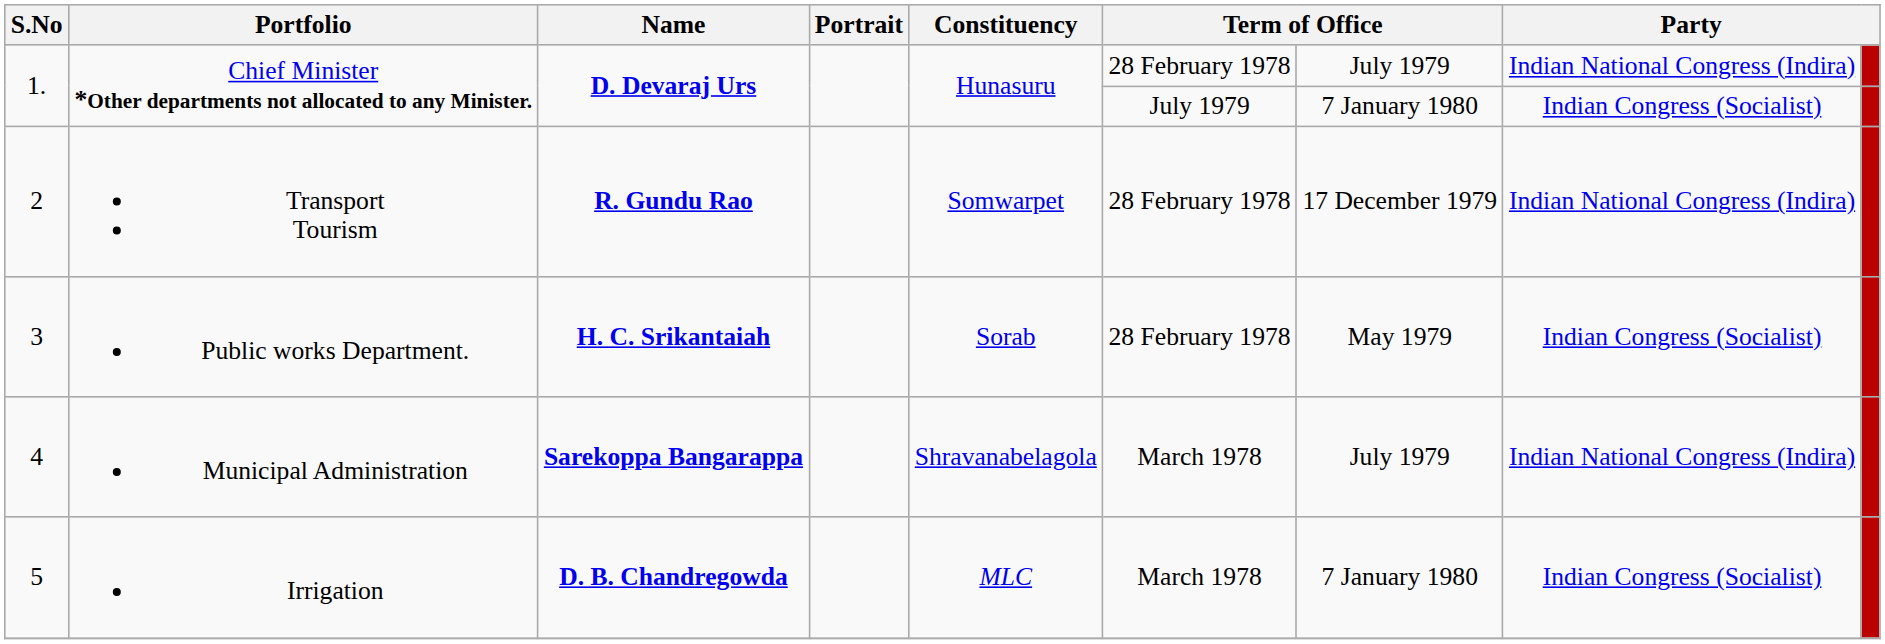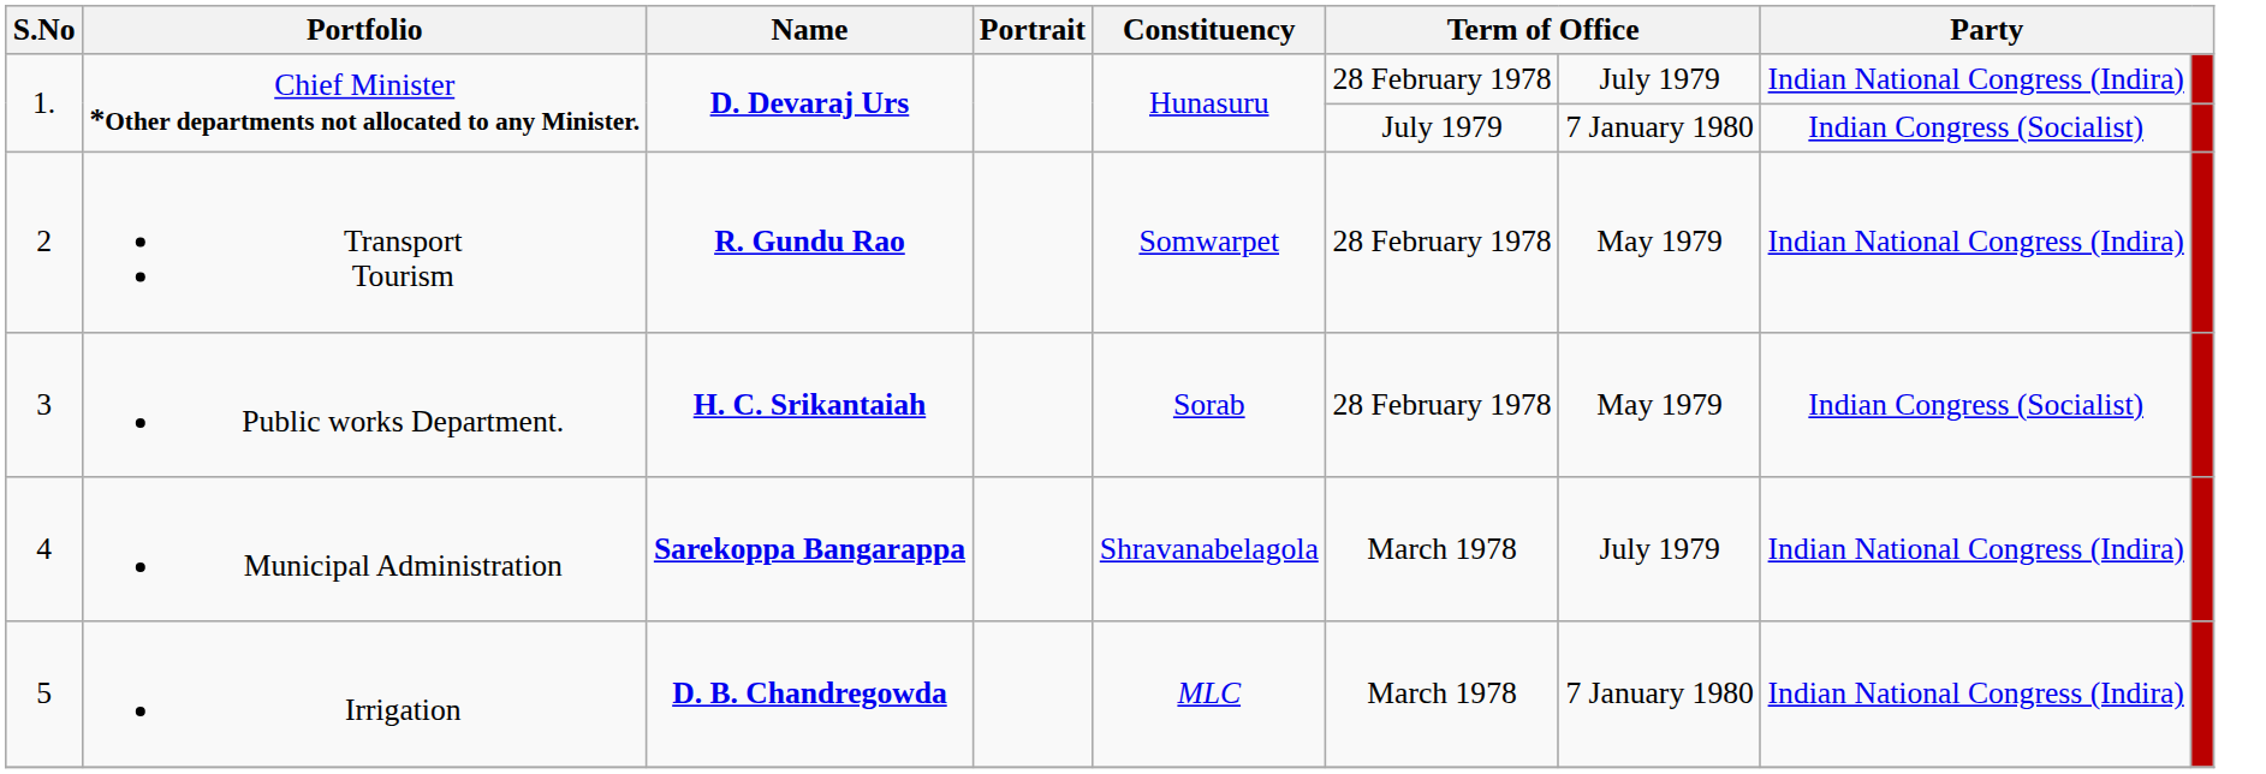 <table class="wikitable sortable" style="text-align:center;">
 <tr>
 <th>S.No</th>
 <th>Portfolio</th>
 <th>Name</th>
 <th>Portrait</th>
 <th>Constituency</th>
 <th colspan="2">Term of Office</th>
 <th colspan="2" scope="col">Party</th>
 </tr>
 <tr>
 <td rowspan="2">1.</td>
 <td rowspan="2"><a href='#'>Chief Minister</a><br><strong>*<small>Other departments not allocated to any Minister.</small></strong></td>
 <td rowspan="2"><strong><a href='#'>D. Devaraj Urs</a></strong><br></td>
 <td rowspan="2"></td>
 <td rowspan="2"><a href='#'>Hunasuru</a></td>
 <td>28 February 1978</td>
 <td>July 1979</td>
 <td><a href='#'>Indian National Congress (Indira)</a></td>
 <td width="4px" bgcolor="background-color: "></td>
 </tr>
 <tr style="text-align:center">
 <td>July 1979</td>
 <td>7 January 1980</td>
 <td><a href='#'>Indian Congress (Socialist)</a></td>
 <td width="4px" bgcolor="background-color: "></td>
 </tr>
 <tr>
 <td>2</td>
 <td><br><ul><li>Transport</li><li>Tourism</li></ul></td>
 <td><strong><a href='#'>R. Gundu Rao</a></strong></td>
 <td></td>
 <td><a href='#'>Somwarpet</a></td>
 <td>28 February 1978</td>
-<td>17 December 1979</td>
+<td>May 1979</td>
 <td><a href='#'>Indian National Congress (Indira)</a></td>
 <td width="4px" bgcolor="background-color: "></td>
 </tr>
 <tr style="text-align:center">
 <td>3</td>
 <td><br><ul><li>Public works Department.</li></ul></td>
 <td><strong><a href='#'>H. C. Srikantaiah</a></strong></td>
 <td></td>
 <td><a href='#'>Sorab</a></td>
 <td>28 February 1978</td>
 <td>May 1979</td>
 <td><a href='#'>Indian Congress (Socialist)</a></td>
 <td width="4px" bgcolor="background-color: "></td>
 </tr>
 <tr>
 <td>4</td>
 <td><br><ul><li>Municipal Administration</li></ul></td>
 <td><strong><a href='#'>Sarekoppa Bangarappa</a></strong></td>
 <td></td>
 <td><a href='#'>Shravanabelagola</a></td>
 <td>March 1978</td>
 <td>July 1979</td>
 <td><a href='#'>Indian National Congress (Indira)</a></td>
 <td width="4px" bgcolor="background-color: "></td>
 </tr>
 <tr>
 <td>5</td>
 <td><br><ul><li>Irrigation</li></ul></td>
 <td><strong><a href='#'>D. B. Chandregowda</a></strong></td>
 <td></td>
 <td><em><a href='#'>MLC</a></em></td>
 <td>March 1978</td>
 <td>7 January 1980</td>
-<td><a href='#'>Indian Congress (Socialist)</a></td>
+<td><a href='#'>Indian National Congress (Indira)</a></td>
 <td width="4px" bgcolor="background-color: "></td>
 </tr>
 <tr style="text-align:center">
 </tr>
 </table>
